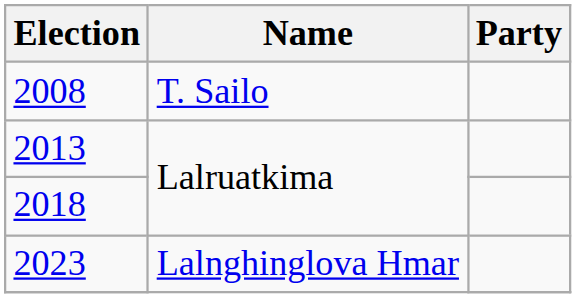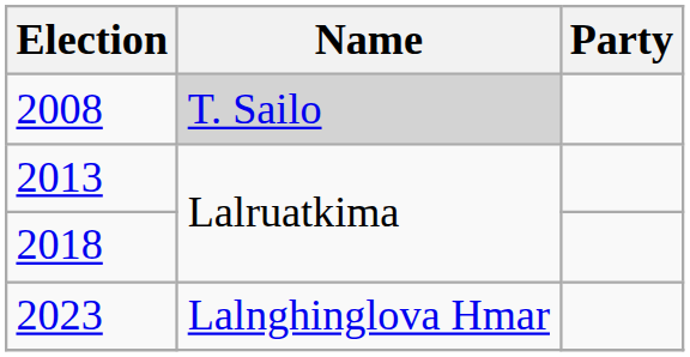 <table class="wikitable sortable">
 <tr>
 <th>Election</th>
 <th>Name</th>
 <th colspan=2>Party</th>
 </tr>
 <tr>
 <td><a href='#'>2008</a></td>
-<td><a href='#'>T. Sailo</a></td>
+<td style="background: lightgrey;"><a href='#'>T. Sailo</a></td>
 <td></td>
 </tr>
 <tr>
 <td><a href='#'>2013</a></td>
 <td rowspan=2>Lalruatkima</td>
 <td></td>
 </tr>
 <tr>
 <td><a href='#'>2018</a></td>
 </tr>
 <tr>
 <td><a href='#'>2023</a></td>
 <td rowspan=2><a href='#'>Lalnghinglova Hmar</a></td>
 <td></td>
 </tr>
 <tr>
 </tr>
 </table>
